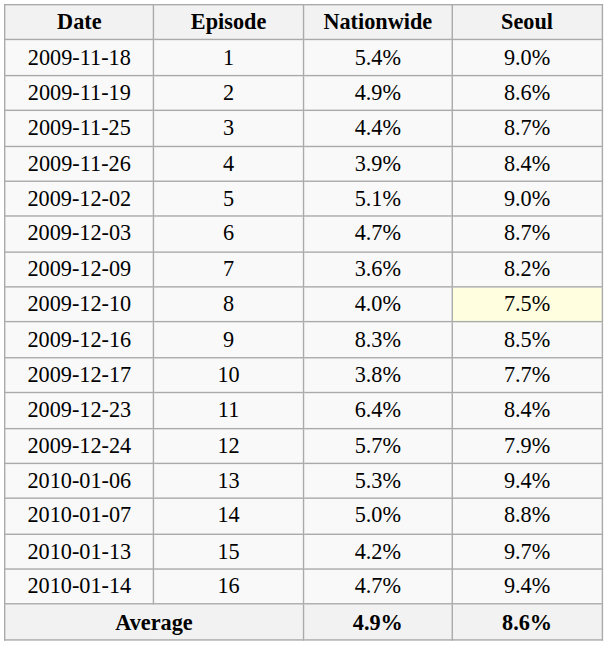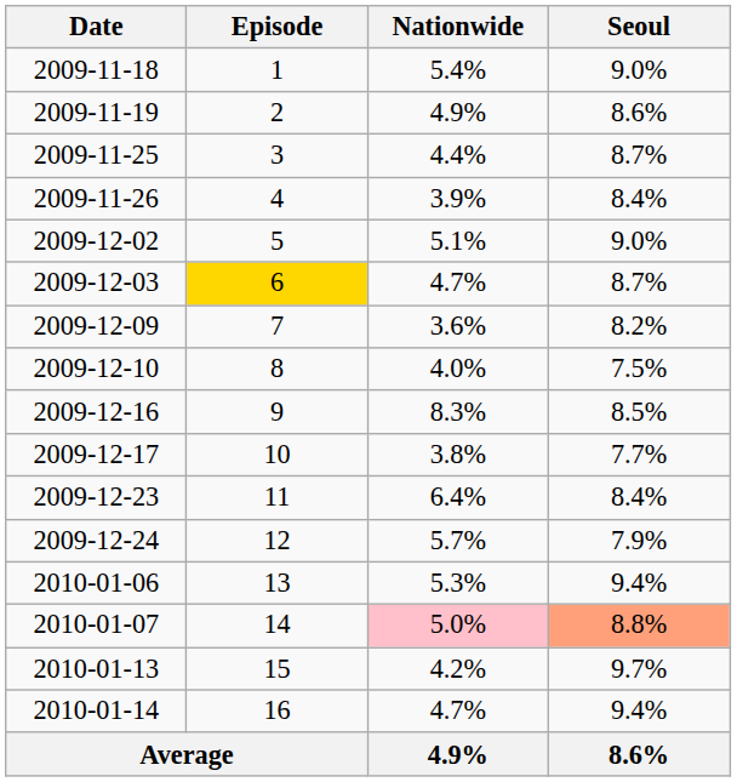 <table class="wikitable">
 <tr>
 <th width=100>Date</th>
 <th width=100>Episode</th>
 <th width=100>Nationwide</th>
 <th width=100>Seoul</th>
 </tr>
 <tr align=center>
 <td>2009-11-18</td>
 <td>1</td>
 <td>5.4%</td>
 <td>9.0%</td>
 </tr>
 <tr align=center>
 <td>2009-11-19</td>
 <td>2</td>
 <td>4.9%</td>
 <td>8.6%</td>
 </tr>
 <tr align=center>
 <td>2009-11-25</td>
 <td>3</td>
 <td>4.4%</td>
 <td>8.7%</td>
 </tr>
 <tr align=center>
 <td>2009-11-26</td>
 <td>4</td>
 <td>3.9%</td>
 <td>8.4%</td>
 </tr>
 <tr align=center>
 <td>2009-12-02</td>
 <td>5</td>
 <td>5.1%</td>
 <td>9.0%</td>
 </tr>
 <tr align=center>
 <td>2009-12-03</td>
-<td>6</td>
+<td style="background: gold;">6</td>
 <td>4.7%</td>
 <td>8.7%</td>
 </tr>
 <tr align=center>
 <td>2009-12-09</td>
 <td>7</td>
 <td>3.6%</td>
 <td>8.2%</td>
 </tr>
 <tr align=center>
 <td>2009-12-10</td>
 <td>8</td>
 <td>4.0%</td>
-<td style="background: lightyellow;">7.5%</td>
+<td>7.5%</td>
 </tr>
 <tr align=center>
 <td>2009-12-16</td>
 <td>9</td>
 <td>8.3%</td>
 <td>8.5%</td>
 </tr>
 <tr align=center>
 <td>2009-12-17</td>
 <td>10</td>
 <td>3.8%</td>
 <td>7.7%</td>
 </tr>
 <tr align=center>
 <td>2009-12-23</td>
 <td>11</td>
 <td>6.4%</td>
 <td>8.4%</td>
 </tr>
 <tr align=center>
 <td>2009-12-24</td>
 <td>12</td>
 <td>5.7%</td>
 <td>7.9%</td>
 </tr>
 <tr align=center>
 <td>2010-01-06</td>
 <td>13</td>
 <td>5.3%</td>
 <td>9.4%</td>
 </tr>
 <tr align=center>
 <td>2010-01-07</td>
 <td>14</td>
-<td>5.0%</td>
-<td>8.8%</td>
+<td style="background: pink;">5.0%</td>
+<td style="background: lightsalmon;">8.8%</td>
 </tr>
 <tr align=center>
 <td>2010-01-13</td>
 <td>15</td>
 <td>4.2%</td>
 <td>9.7%</td>
 </tr>
 <tr align=center>
 <td>2010-01-14</td>
 <td>16</td>
 <td>4.7%</td>
 <td>9.4%</td>
 </tr>
 <tr align="center">
 <th colspan=2>Average</th>
 <th>4.9%</th>
 <th>8.6%</th>
 </tr>
 </table>
